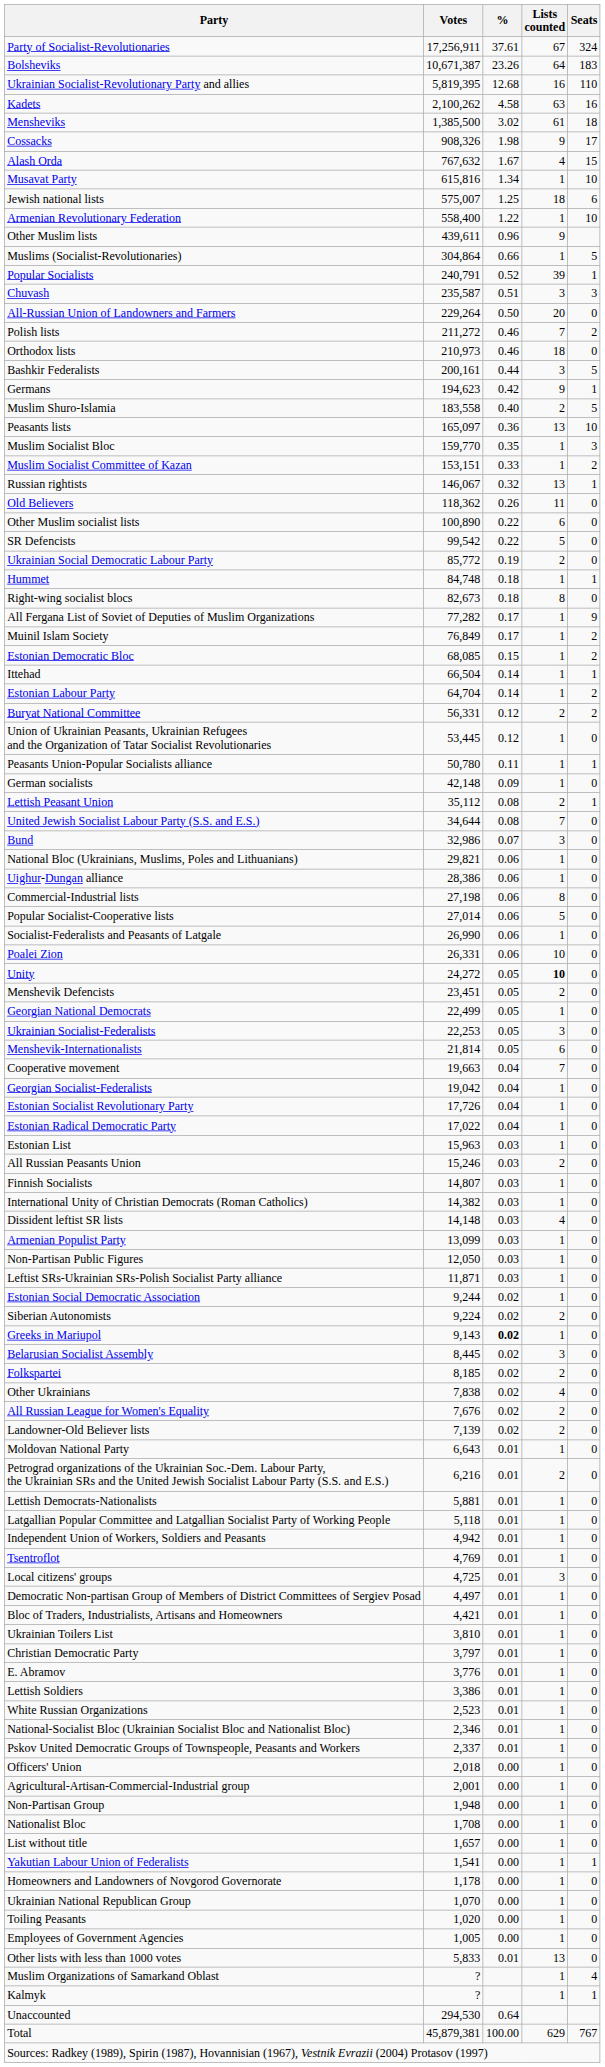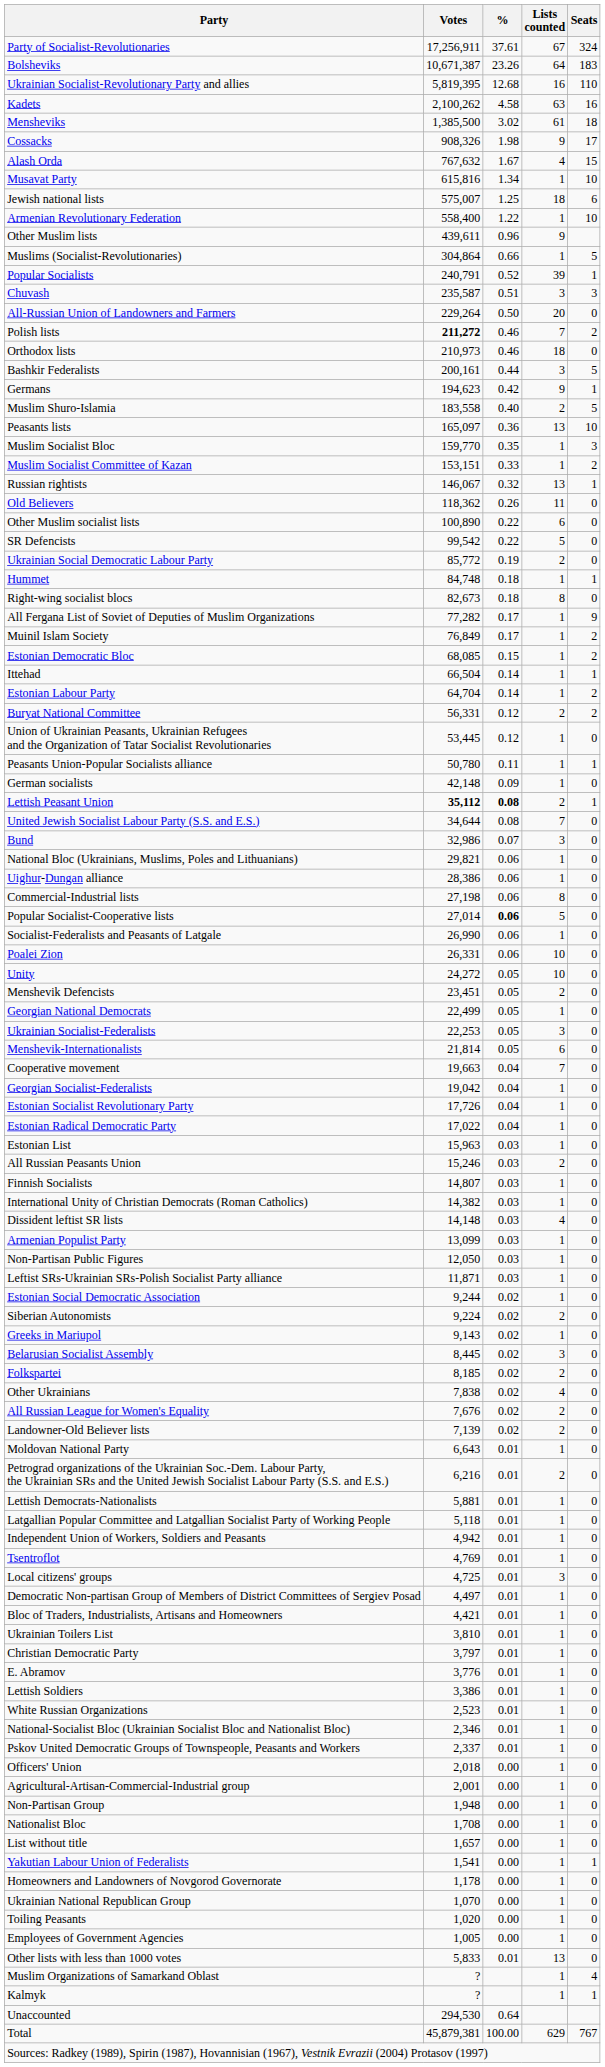 <table class="wikitable sortable" style="text-align:right">
 <tr>
 <th>Party</th>
 <th>Votes</th>
 <th>%</th>
 <th>Lists<br>counted</th>
 <th>Seats</th>
 </tr>
 <tr>
 <td align=left><a href='#'>Party of Socialist-Revolutionaries</a></td>
 <td>17,256,911</td>
 <td>37.61</td>
 <td>67</td>
 <td>324</td>
 </tr>
 <tr>
 <td align=left><a href='#'>Bolsheviks</a></td>
 <td>10,671,387</td>
 <td>23.26</td>
 <td>64</td>
 <td>183</td>
 </tr>
 <tr>
 <td align=left><a href='#'>Ukrainian Socialist-Revolutionary Party</a> and allies</td>
 <td>5,819,395</td>
 <td>12.68</td>
 <td>16</td>
 <td>110</td>
 </tr>
 <tr>
 <td align=left><a href='#'>Kadets</a></td>
 <td>2,100,262</td>
 <td>4.58</td>
 <td>63</td>
 <td>16</td>
 </tr>
 <tr>
 <td align=left><a href='#'>Mensheviks</a></td>
 <td>1,385,500</td>
 <td>3.02</td>
 <td>61</td>
 <td>18</td>
 </tr>
 <tr>
 <td align=left><a href='#'>Cossacks</a></td>
 <td>908,326</td>
 <td>1.98</td>
 <td>9</td>
 <td>17</td>
 </tr>
 <tr>
 <td align=left><a href='#'>Alash Orda</a></td>
 <td>767,632</td>
 <td>1.67</td>
 <td>4</td>
 <td>15</td>
 </tr>
 <tr>
 <td align=left><a href='#'>Musavat Party</a></td>
 <td>615,816</td>
 <td>1.34</td>
 <td>1</td>
 <td>10</td>
 </tr>
 <tr>
 <td align=left>Jewish national lists</td>
 <td>575,007</td>
 <td>1.25</td>
 <td>18</td>
 <td>6</td>
 </tr>
 <tr>
 <td align=left><a href='#'>Armenian Revolutionary Federation</a></td>
 <td>558,400</td>
 <td>1.22</td>
 <td>1</td>
 <td>10</td>
 </tr>
 <tr>
 <td align=left>Other Muslim lists</td>
 <td>439,611</td>
 <td>0.96</td>
 <td>9</td>
 <td></td>
 </tr>
 <tr>
 <td align=left>Muslims (Socialist-Revolutionaries)</td>
 <td>304,864</td>
 <td>0.66</td>
 <td>1</td>
 <td>5</td>
 </tr>
 <tr>
 <td align=left><a href='#'>Popular Socialists</a></td>
 <td>240,791</td>
 <td>0.52</td>
 <td>39</td>
 <td>1</td>
 </tr>
 <tr>
 <td align=left><a href='#'>Chuvash</a></td>
 <td>235,587</td>
 <td>0.51</td>
 <td>3</td>
 <td>3</td>
 </tr>
 <tr>
 <td align=left><a href='#'>All-Russian Union of Landowners and Farmers</a></td>
 <td>229,264</td>
 <td>0.50</td>
 <td>20</td>
 <td>0</td>
 </tr>
 <tr>
 <td align=left>Polish lists</td>
-<td>211,272</td>
+<td><strong>211,272</strong></td>
 <td>0.46</td>
 <td>7</td>
 <td>2</td>
 </tr>
 <tr>
 <td align=left>Orthodox lists</td>
 <td>210,973</td>
 <td>0.46</td>
 <td>18</td>
 <td>0</td>
 </tr>
 <tr>
 <td align=left>Bashkir Federalists</td>
 <td>200,161</td>
 <td>0.44</td>
 <td>3</td>
 <td>5</td>
 </tr>
 <tr>
 <td align=left>Germans</td>
 <td>194,623</td>
 <td>0.42</td>
 <td>9</td>
 <td>1</td>
 </tr>
 <tr>
 <td align=left>Muslim Shuro-Islamia</td>
 <td>183,558</td>
 <td>0.40</td>
 <td>2</td>
 <td>5</td>
 </tr>
 <tr>
 <td align=left>Peasants lists</td>
 <td>165,097</td>
 <td>0.36</td>
 <td>13</td>
 <td>10</td>
 </tr>
 <tr>
 <td align=left>Muslim Socialist Bloc</td>
 <td>159,770</td>
 <td>0.35</td>
 <td>1</td>
 <td>3</td>
 </tr>
 <tr>
 <td align=left><a href='#'>Muslim Socialist Committee of Kazan</a></td>
 <td>153,151</td>
 <td>0.33</td>
 <td>1</td>
 <td>2</td>
 </tr>
 <tr>
 <td align=left>Russian rightists</td>
 <td>146,067</td>
 <td>0.32</td>
 <td>13</td>
 <td>1</td>
 </tr>
 <tr>
 <td align=left><a href='#'>Old Believers</a></td>
 <td>118,362</td>
 <td>0.26</td>
 <td>11</td>
 <td>0</td>
 </tr>
 <tr>
 <td align=left>Other Muslim socialist lists</td>
 <td>100,890</td>
 <td>0.22</td>
 <td>6</td>
 <td>0</td>
 </tr>
 <tr>
 <td align=left>SR Defencists</td>
 <td>99,542</td>
 <td>0.22</td>
 <td>5</td>
 <td>0</td>
 </tr>
 <tr>
 <td align=left><a href='#'>Ukrainian Social Democratic Labour Party</a></td>
 <td>85,772</td>
 <td>0.19</td>
 <td>2</td>
 <td>0</td>
 </tr>
 <tr>
 <td align=left><a href='#'>Hummet</a></td>
 <td>84,748</td>
 <td>0.18</td>
 <td>1</td>
 <td>1</td>
 </tr>
 <tr>
 <td align=left>Right-wing socialist blocs</td>
 <td>82,673</td>
 <td>0.18</td>
 <td>8</td>
 <td>0</td>
 </tr>
 <tr>
 <td align=left>All Fergana List of Soviet of Deputies of Muslim Organizations</td>
 <td>77,282</td>
 <td>0.17</td>
 <td>1</td>
 <td>9</td>
 </tr>
 <tr>
 <td align=left>Muinil Islam Society</td>
 <td>76,849</td>
 <td>0.17</td>
 <td>1</td>
 <td>2</td>
 </tr>
 <tr>
 <td align=left><a href='#'>Estonian Democratic Bloc</a></td>
 <td>68,085</td>
 <td>0.15</td>
 <td>1</td>
 <td>2</td>
 </tr>
 <tr>
 <td align=left>Ittehad</td>
 <td>66,504</td>
 <td>0.14</td>
 <td>1</td>
 <td>1</td>
 </tr>
 <tr>
 <td align=left><a href='#'>Estonian Labour Party</a></td>
 <td>64,704</td>
 <td>0.14</td>
 <td>1</td>
 <td>2</td>
 </tr>
 <tr>
 <td align=left><a href='#'>Buryat National Committee</a></td>
 <td>56,331</td>
 <td>0.12</td>
 <td>2</td>
 <td>2</td>
 </tr>
 <tr>
 <td align=left>Union of Ukrainian Peasants, Ukrainian Refugees<br> and the Organization of Tatar Socialist Revolutionaries</td>
 <td>53,445</td>
 <td>0.12</td>
 <td>1</td>
 <td>0</td>
 </tr>
 <tr>
 <td align=left>Peasants Union-Popular Socialists alliance</td>
 <td>50,780</td>
 <td>0.11</td>
 <td>1</td>
 <td>1</td>
 </tr>
 <tr>
 <td align=left>German socialists</td>
 <td>42,148</td>
 <td>0.09</td>
 <td>1</td>
 <td>0</td>
 </tr>
 <tr>
 <td align=left><a href='#'>Lettish Peasant Union</a></td>
-<td>35,112</td>
-<td>0.08</td>
+<td><strong>35,112</strong></td>
+<td><strong>0.08</strong></td>
 <td>2</td>
 <td>1</td>
 </tr>
 <tr>
 <td align=left><a href='#'>United Jewish Socialist Labour Party (S.S. and E.S.)</a></td>
 <td>34,644</td>
 <td>0.08</td>
 <td>7</td>
 <td>0</td>
 </tr>
 <tr>
 <td align=left><a href='#'>Bund</a></td>
 <td>32,986</td>
 <td>0.07</td>
 <td>3</td>
 <td>0</td>
 </tr>
 <tr>
 <td align=left>National Bloc (Ukrainians, Muslims, Poles and Lithuanians)</td>
 <td>29,821</td>
 <td>0.06</td>
 <td>1</td>
 <td>0</td>
 </tr>
 <tr>
 <td align=left><a href='#'>Uighur</a>-<a href='#'>Dungan</a> alliance</td>
 <td>28,386</td>
 <td>0.06</td>
 <td>1</td>
 <td>0</td>
 </tr>
 <tr>
 <td align=left>Commercial-Industrial lists</td>
 <td>27,198</td>
 <td>0.06</td>
 <td>8</td>
 <td>0</td>
 </tr>
 <tr>
 <td align=left>Popular Socialist-Cooperative lists</td>
 <td>27,014</td>
-<td>0.06</td>
+<td><strong>0.06</strong></td>
 <td>5</td>
 <td>0</td>
 </tr>
 <tr>
 <td align=left>Socialist-Federalists and Peasants of Latgale</td>
 <td>26,990</td>
 <td>0.06</td>
 <td>1</td>
 <td>0</td>
 </tr>
 <tr>
 <td align=left><a href='#'>Poalei Zion</a></td>
 <td>26,331</td>
 <td>0.06</td>
 <td>10</td>
 <td>0</td>
 </tr>
 <tr>
 <td align=left><a href='#'>Unity</a></td>
 <td>24,272</td>
 <td>0.05</td>
-<td><strong>10</strong></td>
+<td>10</td>
 <td>0</td>
 </tr>
 <tr>
 <td align=left>Menshevik Defencists</td>
 <td>23,451</td>
 <td>0.05</td>
 <td>2</td>
 <td>0</td>
 </tr>
 <tr>
 <td align=left><a href='#'>Georgian National Democrats</a></td>
 <td>22,499</td>
 <td>0.05</td>
 <td>1</td>
 <td>0</td>
 </tr>
 <tr>
 <td align=left><a href='#'>Ukrainian Socialist-Federalists</a></td>
 <td>22,253</td>
 <td>0.05</td>
 <td>3</td>
 <td>0</td>
 </tr>
 <tr>
 <td align=left><a href='#'>Menshevik-Internationalists</a></td>
 <td>21,814</td>
 <td>0.05</td>
 <td>6</td>
 <td>0</td>
 </tr>
 <tr>
 <td align=left>Cooperative movement</td>
 <td>19,663</td>
 <td>0.04</td>
 <td>7</td>
 <td>0</td>
 </tr>
 <tr>
 <td align=left><a href='#'>Georgian Socialist-Federalists</a></td>
 <td>19,042</td>
 <td>0.04</td>
 <td>1</td>
 <td>0</td>
 </tr>
 <tr>
 <td align=left><a href='#'>Estonian Socialist Revolutionary Party</a></td>
 <td>17,726</td>
 <td>0.04</td>
 <td>1</td>
 <td>0</td>
 </tr>
 <tr>
 <td align=left><a href='#'>Estonian Radical Democratic Party</a></td>
 <td>17,022</td>
 <td>0.04</td>
 <td>1</td>
 <td>0</td>
 </tr>
 <tr>
 <td align=left>Estonian List</td>
 <td>15,963</td>
 <td>0.03</td>
 <td>1</td>
 <td>0</td>
 </tr>
 <tr>
 <td align=left>All Russian Peasants Union</td>
 <td>15,246</td>
 <td>0.03</td>
 <td>2</td>
 <td>0</td>
 </tr>
 <tr>
 <td align=left>Finnish Socialists</td>
 <td>14,807</td>
 <td>0.03</td>
 <td>1</td>
 <td>0</td>
 </tr>
 <tr>
 <td align=left>International Unity of Christian Democrats (Roman Catholics)</td>
 <td>14,382</td>
 <td>0.03</td>
 <td>1</td>
 <td>0</td>
 </tr>
 <tr>
 <td align=left>Dissident leftist SR lists</td>
 <td>14,148</td>
 <td>0.03</td>
 <td>4</td>
 <td>0</td>
 </tr>
 <tr>
 <td align=left><a href='#'>Armenian Populist Party</a></td>
 <td>13,099</td>
 <td>0.03</td>
 <td>1</td>
 <td>0</td>
 </tr>
 <tr>
 <td align=left>Non-Partisan Public Figures</td>
 <td>12,050</td>
 <td>0.03</td>
 <td>1</td>
 <td>0</td>
 </tr>
 <tr>
 <td align=left>Leftist SRs-Ukrainian SRs-Polish Socialist Party alliance</td>
 <td>11,871</td>
 <td>0.03</td>
 <td>1</td>
 <td>0</td>
 </tr>
 <tr>
 <td align=left><a href='#'>Estonian Social Democratic Association</a></td>
 <td>9,244</td>
 <td>0.02</td>
 <td>1</td>
 <td>0</td>
 </tr>
 <tr>
 <td align=left>Siberian Autonomists</td>
 <td>9,224</td>
 <td>0.02</td>
 <td>2</td>
 <td>0</td>
 </tr>
 <tr>
 <td align=left><a href='#'>Greeks in Mariupol</a></td>
 <td>9,143</td>
-<td><strong>0.02</strong></td>
+<td>0.02</td>
 <td>1</td>
 <td>0</td>
 </tr>
 <tr>
 <td align=left><a href='#'>Belarusian Socialist Assembly</a></td>
 <td>8,445</td>
 <td>0.02</td>
 <td>3</td>
 <td>0</td>
 </tr>
 <tr>
 <td align=left><a href='#'>Folkspartei</a></td>
 <td>8,185</td>
 <td>0.02</td>
 <td>2</td>
 <td>0</td>
 </tr>
 <tr>
 <td align=left>Other Ukrainians</td>
 <td>7,838</td>
 <td>0.02</td>
 <td>4</td>
 <td>0</td>
 </tr>
 <tr>
 <td align=left><a href='#'>All Russian League for Women's Equality</a></td>
 <td>7,676</td>
 <td>0.02</td>
 <td>2</td>
 <td>0</td>
 </tr>
 <tr>
 <td align=left>Landowner-Old Believer lists</td>
 <td>7,139</td>
 <td>0.02</td>
 <td>2</td>
 <td>0</td>
 </tr>
 <tr>
 <td align=left>Moldovan National Party</td>
 <td>6,643</td>
 <td>0.01</td>
 <td>1</td>
 <td>0</td>
 </tr>
 <tr>
 <td align=left>Petrograd organizations of the Ukrainian Soc.-Dem. Labour Party,<br> the Ukrainian SRs and the United Jewish Socialist Labour Party (S.S. and E.S.)</td>
 <td>6,216</td>
 <td>0.01</td>
 <td>2</td>
 <td>0</td>
 </tr>
 <tr>
 <td align=left>Lettish Democrats-Nationalists</td>
 <td>5,881</td>
 <td>0.01</td>
 <td>1</td>
 <td>0</td>
 </tr>
 <tr>
 <td align=left>Latgallian Popular Committee and Latgallian Socialist Party of Working People</td>
 <td>5,118</td>
 <td>0.01</td>
 <td>1</td>
 <td>0</td>
 </tr>
 <tr>
 <td align=left>Independent Union of Workers, Soldiers and Peasants</td>
 <td>4,942</td>
 <td>0.01</td>
 <td>1</td>
 <td>0</td>
 </tr>
 <tr>
 <td align=left><a href='#'>Tsentroflot</a></td>
 <td>4,769</td>
 <td>0.01</td>
 <td>1</td>
 <td>0</td>
 </tr>
 <tr>
 <td align=left>Local citizens' groups</td>
 <td>4,725</td>
 <td>0.01</td>
 <td>3</td>
 <td>0</td>
 </tr>
 <tr>
 <td align=left>Democratic Non-partisan Group of Members of District Committees of Sergiev Posad</td>
 <td>4,497</td>
 <td>0.01</td>
 <td>1</td>
 <td>0</td>
 </tr>
 <tr>
 <td align=left>Bloc of Traders, Industrialists, Artisans and Homeowners</td>
 <td>4,421</td>
 <td>0.01</td>
 <td>1</td>
 <td>0</td>
 </tr>
 <tr>
 <td align=left>Ukrainian Toilers List</td>
 <td>3,810</td>
 <td>0.01</td>
 <td>1</td>
 <td>0</td>
 </tr>
 <tr>
 <td align=left>Christian Democratic Party</td>
 <td>3,797</td>
 <td>0.01</td>
 <td>1</td>
 <td>0</td>
 </tr>
 <tr>
 <td align=left>E. Abramov</td>
 <td>3,776</td>
 <td>0.01</td>
 <td>1</td>
 <td>0</td>
 </tr>
 <tr>
 <td align=left>Lettish Soldiers</td>
 <td>3,386</td>
 <td>0.01</td>
 <td>1</td>
 <td>0</td>
 </tr>
 <tr>
 <td align=left>White Russian Organizations</td>
 <td>2,523</td>
 <td>0.01</td>
 <td>1</td>
 <td>0</td>
 </tr>
 <tr>
 <td align=left>National-Socialist Bloc (Ukrainian Socialist Bloc and Nationalist Bloc)</td>
 <td>2,346</td>
 <td>0.01</td>
 <td>1</td>
 <td>0</td>
 </tr>
 <tr>
 <td align=left>Pskov United Democratic Groups of Townspeople, Peasants and Workers</td>
 <td>2,337</td>
 <td>0.01</td>
 <td>1</td>
 <td>0</td>
 </tr>
 <tr>
 <td align=left>Officers' Union</td>
 <td>2,018</td>
 <td>0.00</td>
 <td>1</td>
 <td>0</td>
 </tr>
 <tr>
 <td align=left>Agricultural-Artisan-Commercial-Industrial group</td>
 <td>2,001</td>
 <td>0.00</td>
 <td>1</td>
 <td>0</td>
 </tr>
 <tr>
 <td align=left>Non-Partisan Group</td>
 <td>1,948</td>
 <td>0.00</td>
 <td>1</td>
 <td>0</td>
 </tr>
 <tr>
 <td align=left>Nationalist Bloc</td>
 <td>1,708</td>
 <td>0.00</td>
 <td>1</td>
 <td>0</td>
 </tr>
 <tr>
 <td align=left>List without title</td>
 <td>1,657</td>
 <td>0.00</td>
 <td>1</td>
 <td>0</td>
 </tr>
 <tr>
 <td align="left"><a href='#'>Yakutian Labour Union of Federalists</a></td>
 <td>1,541</td>
 <td>0.00</td>
 <td>1</td>
 <td>1</td>
 </tr>
 <tr>
 <td align=left>Homeowners and Landowners of Novgorod Governorate</td>
 <td>1,178</td>
 <td>0.00</td>
 <td>1</td>
 <td>0</td>
 </tr>
 <tr>
 <td align=left>Ukrainian National Republican Group</td>
 <td>1,070</td>
 <td>0.00</td>
 <td>1</td>
 <td>0</td>
 </tr>
 <tr>
 <td align=left>Toiling Peasants</td>
 <td>1,020</td>
 <td>0.00</td>
 <td>1</td>
 <td>0</td>
 </tr>
 <tr>
 <td align=left>Employees of Government Agencies</td>
 <td>1,005</td>
 <td>0.00</td>
 <td>1</td>
 <td>0</td>
 </tr>
 <tr>
 <td align=left>Other lists with less than 1000 votes</td>
 <td>5,833</td>
 <td>0.01</td>
 <td>13</td>
 <td>0</td>
 </tr>
 <tr>
 <td align=left>Muslim Organizations of Samarkand Oblast</td>
 <td>?</td>
 <td></td>
 <td>1</td>
 <td>4</td>
 </tr>
 <tr>
 <td align=left>Kalmyk</td>
 <td>?</td>
 <td></td>
 <td>1</td>
 <td>1</td>
 </tr>
 <tr>
 <td align=left>Unaccounted</td>
 <td>294,530</td>
 <td>0.64</td>
 <td></td>
 <td></td>
 </tr>
 <tr class="sortbottom">
 <td align=left>Total</td>
 <td>45,879,381</td>
 <td>100.00</td>
 <td>629</td>
 <td>767</td>
 </tr>
 <tr class="sortbottom">
 <td align=left colspan=5>Sources: Radkey (1989), Spirin (1987), Hovannisian (1967), <em>Vestnik Evrazii</em> (2004) Protasov (1997)</td>
 </tr>
 </table>
